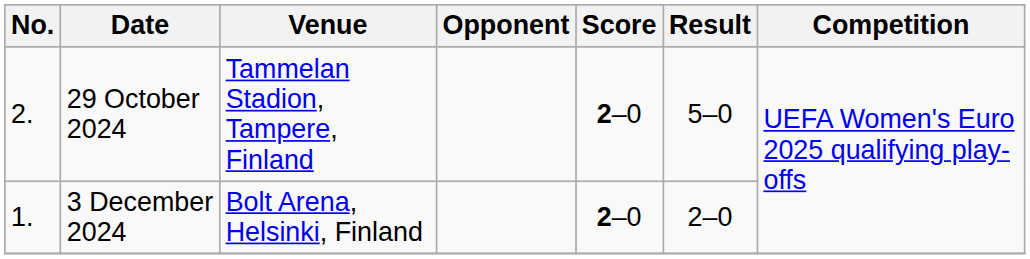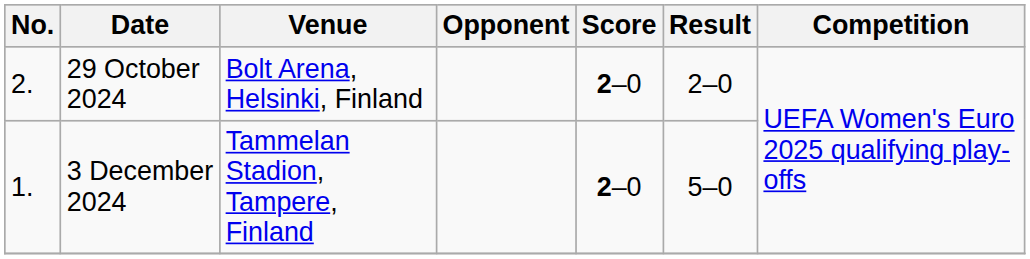 <table class="wikitable">
 <tr>
 <th>No.</th>
 <th>Date</th>
 <th>Venue</th>
 <th>Opponent</th>
 <th>Score</th>
 <th>Result</th>
 <th>Competition</th>
 </tr>
 <tr>
 <td>2.</td>
 <td>29 October 2024</td>
-<td><a href='#'>Tammelan Stadion</a>, <a href='#'>Tampere</a>, <a href='#'>Finland</a></td>
+<td><a href='#'>Bolt Arena</a>, <a href='#'>Helsinki</a>, Finland</td>
 <td></td>
 <td align=center><strong>2</strong>–0</td>
-<td align=center>5–0</td>
+<td align=center>2–0</td>
 <td rowspan=2><a href='#'>UEFA Women's Euro 2025 qualifying play-offs</a></td>
 </tr>
 <tr>
 <td>1.</td>
 <td>3 December 2024</td>
-<td><a href='#'>Bolt Arena</a>, <a href='#'>Helsinki</a>, Finland</td>
+<td><a href='#'>Tammelan Stadion</a>, <a href='#'>Tampere</a>, <a href='#'>Finland</a></td>
 <td></td>
 <td align=center><strong>2</strong>–0</td>
-<td align=center>2–0</td>
+<td align=center>5–0</td>
 </tr>
 <tr>
 </tr>
 </table>
